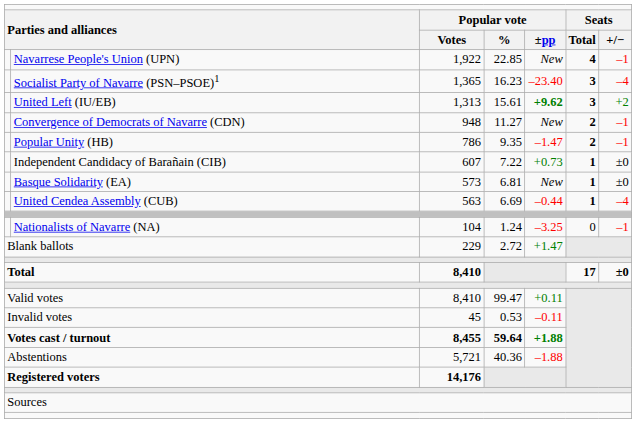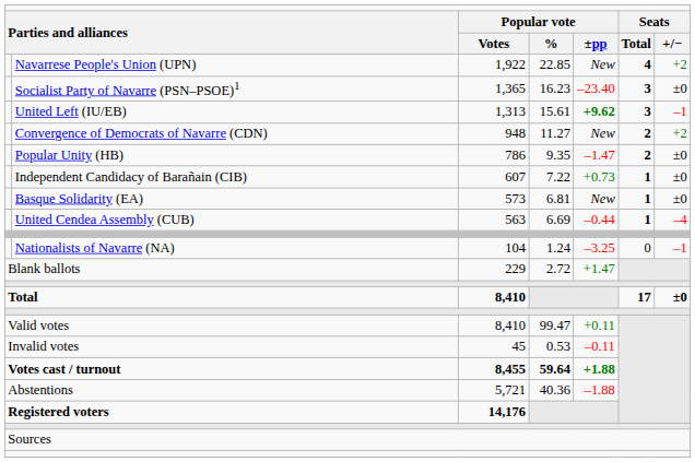 <table class="wikitable" style="text-align:right;">
 <tr>
 <td colspan="7"></td>
 </tr>
 <tr>
 <th style="text-align:left;" rowspan="2" colspan="2" width="525">Parties and alliances</th>
 <th colspan="3">Popular vote</th>
 <th colspan="2">Seats</th>
 </tr>
 <tr>
 <th width="75">Votes</th>
 <th width="45">%</th>
 <th width="45">±<a href='#'>pp</a></th>
 <th width="35">Total</th>
 <th width="35">+/−</th>
 </tr>
 <tr>
 <td width="1" style="color:inherit;background:"></td>
 <td align="left"><a href='#'>Navarrese People's Union</a> (UPN)</td>
 <td>1,922</td>
 <td>22.85</td>
 <td><em>New</em></td>
 <td><strong>4</strong></td>
-<td style="color:red;">–1</td>
+<td style="color:green;">+2</td>
 </tr>
 <tr>
 <td style="color:inherit;background:"></td>
 <td align="left"><a href='#'>Socialist Party of Navarre</a> (PSN–PSOE)<sup>1</sup></td>
 <td>1,365</td>
 <td>16.23</td>
 <td style="color:red;">–23.40</td>
 <td><strong>3</strong></td>
-<td style="color:red;">–4</td>
+<td>±0</td>
 </tr>
 <tr>
 <td style="color:inherit;background:"></td>
 <td align="left"><a href='#'>United Left</a> (IU/EB)</td>
 <td>1,313</td>
 <td>15.61</td>
 <td style="color:green;"><strong>+9.62</strong></td>
 <td><strong>3</strong></td>
-<td style="color:green;">+2</td>
+<td style="color:red;">–1</td>
 </tr>
 <tr>
 <td style="color:inherit;background:"></td>
 <td align="left"><a href='#'>Convergence of Democrats of Navarre</a> (CDN)</td>
 <td>948</td>
 <td>11.27</td>
 <td><em>New</em></td>
 <td><strong>2</strong></td>
-<td style="color:red;">–1</td>
+<td style="color:green;">+2</td>
 </tr>
 <tr>
 <td style="color:inherit;background:"></td>
 <td align="left"><a href='#'>Popular Unity</a> (HB)</td>
 <td>786</td>
 <td>9.35</td>
 <td style="color:red;">–1.47</td>
 <td><strong>2</strong></td>
-<td style="color:red;">–1</td>
+<td>±0</td>
 </tr>
 <tr>
 <td style="color:inherit;background:"></td>
 <td align="left">Independent Candidacy of Barañain (CIB)</td>
 <td>607</td>
 <td>7.22</td>
 <td style="color:green;">+0.73</td>
 <td><strong>1</strong></td>
 <td>±0</td>
 </tr>
 <tr>
 <td style="color:inherit;background:"></td>
 <td align="left"><a href='#'>Basque Solidarity</a> (EA)</td>
 <td>573</td>
 <td>6.81</td>
 <td><em>New</em></td>
 <td><strong>1</strong></td>
 <td>±0</td>
 </tr>
 <tr>
 <td style="color:inherit;background:"></td>
 <td align="left"><a href='#'>United Cendea Assembly</a> (CUB)</td>
 <td>563</td>
 <td>6.69</td>
 <td style="color:red;">–0.44</td>
 <td><strong>1</strong></td>
 <td style="color:red;">–4</td>
 </tr>
 <tr>
 <td colspan="7" bgcolor="#C0C0C0"></td>
 </tr>
 <tr>
 <td style="color:inherit;background:"></td>
 <td align="left"><a href='#'>Nationalists of Navarre</a> (NA)</td>
 <td>104</td>
 <td>1.24</td>
 <td style="color:red;">–3.25</td>
 <td>0</td>
 <td style="color:red;">–1</td>
 </tr>
 <tr>
 <td align="left" colspan="2">Blank ballots</td>
 <td>229</td>
 <td>2.72</td>
 <td style="color:green;">+1.47</td>
 <td bgcolor="#E9E9E9" colspan="2"></td>
 </tr>
 <tr>
 <td colspan="7" bgcolor="#E9E9E9"></td>
 </tr>
 <tr style="font-weight:bold;">
 <td align="left" colspan="2">Total</td>
 <td>8,410</td>
 <td bgcolor="#E9E9E9" colspan="2"></td>
 <td>17</td>
 <td>±0</td>
 </tr>
 <tr>
 <td colspan="7" bgcolor="#E9E9E9"></td>
 </tr>
 <tr>
 <td align="left" colspan="2">Valid votes</td>
 <td>8,410</td>
 <td>99.47</td>
 <td style="color:green;">+0.11</td>
 <td bgcolor="#E9E9E9" colspan="2" rowspan="5"></td>
 </tr>
 <tr>
 <td align="left" colspan="2">Invalid votes</td>
 <td>45</td>
 <td>0.53</td>
 <td style="color:red;">–0.11</td>
 </tr>
 <tr style="font-weight:bold;">
 <td align="left" colspan="2">Votes cast / turnout</td>
 <td>8,455</td>
 <td>59.64</td>
 <td style="color:green;">+1.88</td>
 </tr>
 <tr>
 <td align="left" colspan="2">Abstentions</td>
 <td>5,721</td>
 <td>40.36</td>
 <td style="color:red;">–1.88</td>
 </tr>
 <tr style="font-weight:bold;">
 <td align="left" colspan="2">Registered voters</td>
 <td>14,176</td>
 <td bgcolor="#E9E9E9" colspan="2"></td>
 </tr>
 <tr>
 <td colspan="7" bgcolor="#E9E9E9"></td>
 </tr>
 <tr>
 <td align="left" colspan="7">Sources</td>
 </tr>
 <tr>
 <td colspan="7" style="text-align:left; max-width:790px;"></td>
 </tr>
 </table>
